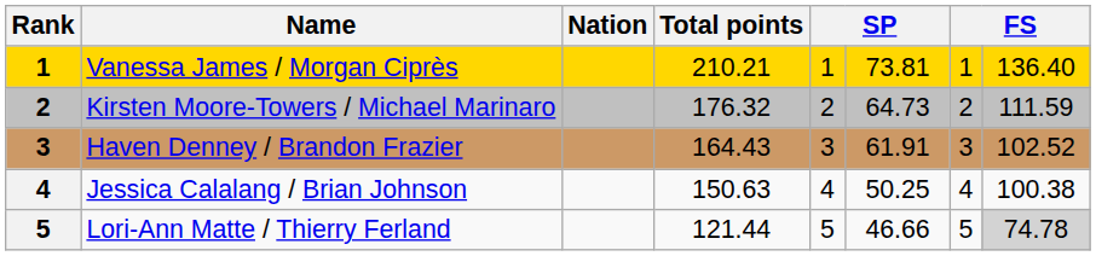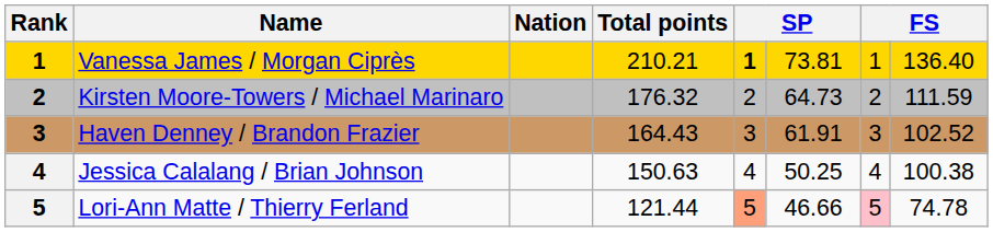 <table class="wikitable sortable">
 <tr>
 <th>Rank</th>
 <th>Name</th>
 <th>Nation</th>
 <th>Total points</th>
 <th colspan="2" width="80px"><a href='#'>SP</a></th>
 <th colspan="2" width="80px"><a href='#'>FS</a></th>
 </tr>
 <tr bgcolor="gold">
 <td align="center"><strong>1</strong></td>
 <td><a href='#'>Vanessa James</a> / <a href='#'>Morgan Ciprès</a></td>
 <td></td>
 <td align="center">210.21</td>
-<td align="center">1</td>
+<td align="center"><strong>1</strong></td>
 <td align="center">73.81</td>
 <td align="center">1</td>
 <td align="center">136.40</td>
 </tr>
 <tr bgcolor="silver">
 <td align="center"><strong>2</strong></td>
 <td><a href='#'>Kirsten Moore-Towers</a> / <a href='#'>Michael Marinaro</a></td>
 <td></td>
 <td align="center">176.32</td>
 <td align="center">2</td>
 <td align="center">64.73</td>
 <td align="center">2</td>
 <td align="center">111.59</td>
 </tr>
 <tr bgcolor="cc9966">
 <td align="center"><strong>3</strong></td>
 <td><a href='#'>Haven Denney</a> / <a href='#'>Brandon Frazier</a></td>
 <td></td>
 <td align="center">164.43</td>
 <td align="center">3</td>
 <td align="center">61.91</td>
 <td align="center">3</td>
 <td align="center">102.52</td>
 </tr>
 <tr>
 <th>4</th>
 <td><a href='#'>Jessica Calalang</a> / <a href='#'>Brian Johnson</a></td>
 <td></td>
 <td align="center">150.63</td>
 <td align="center">4</td>
 <td align="center">50.25</td>
 <td align="center">4</td>
 <td align="center">100.38</td>
 </tr>
 <tr>
 <th>5</th>
 <td><a href='#'>Lori-Ann Matte</a> / <a href='#'>Thierry Ferland</a></td>
 <td></td>
 <td align="center">121.44</td>
-<td align="center">5</td>
+<td align="center" style="background: lightsalmon;">5</td>
 <td align="center">46.66</td>
-<td align="center">5</td>
-<td align="center" style="background: lightgrey;">74.78</td>
+<td align="center" style="background: pink;">5</td>
+<td align="center">74.78</td>
 </tr>
 </table>
